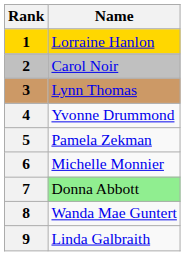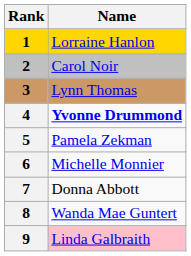 <table class="wikitable">
 <tr>
 <th>Rank</th>
 <th>Name</th>
 </tr>
 <tr bgcolor="gold">
 <td align="center"><strong>1</strong></td>
 <td><a href='#'>Lorraine Hanlon</a></td>
 </tr>
 <tr bgcolor="silver">
 <td align="center"><strong>2</strong></td>
 <td><a href='#'>Carol Noir</a></td>
 </tr>
 <tr bgcolor="cc9966">
 <td align="center"><strong>3</strong></td>
 <td><a href='#'>Lynn Thomas</a></td>
 </tr>
 <tr>
 <th>4</th>
-<td><a href='#'>Yvonne Drummond</a></td>
+<td><strong><a href='#'>Yvonne Drummond</a></strong></td>
 </tr>
 <tr>
 <th>5</th>
 <td><a href='#'>Pamela Zekman</a></td>
 </tr>
 <tr>
 <th>6</th>
 <td><a href='#'>Michelle Monnier</a></td>
 </tr>
 <tr>
 <th>7</th>
-<td style="background: lightgreen;">Donna Abbott</td>
+<td>Donna Abbott</td>
 </tr>
 <tr>
 <th>8</th>
 <td><a href='#'>Wanda Mae Guntert</a></td>
 </tr>
 <tr>
 <th>9</th>
-<td><a href='#'>Linda Galbraith</a></td>
+<td style="background: pink;"><a href='#'>Linda Galbraith</a></td>
 </tr>
 </table>
